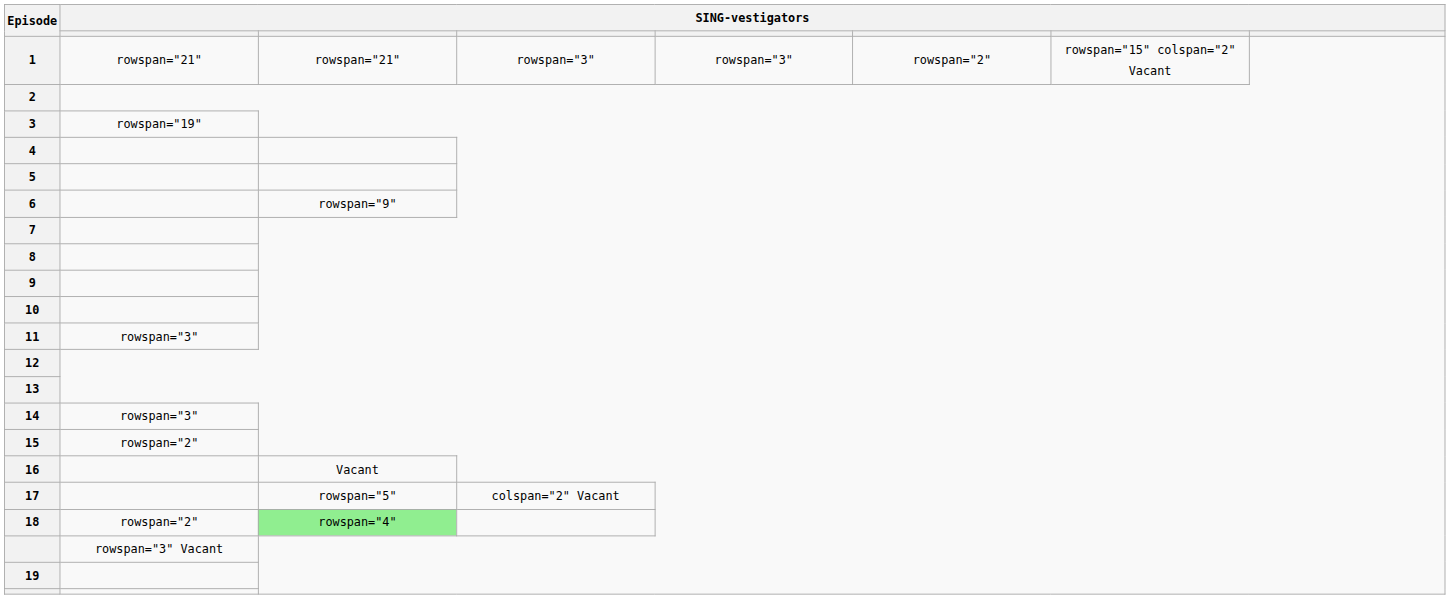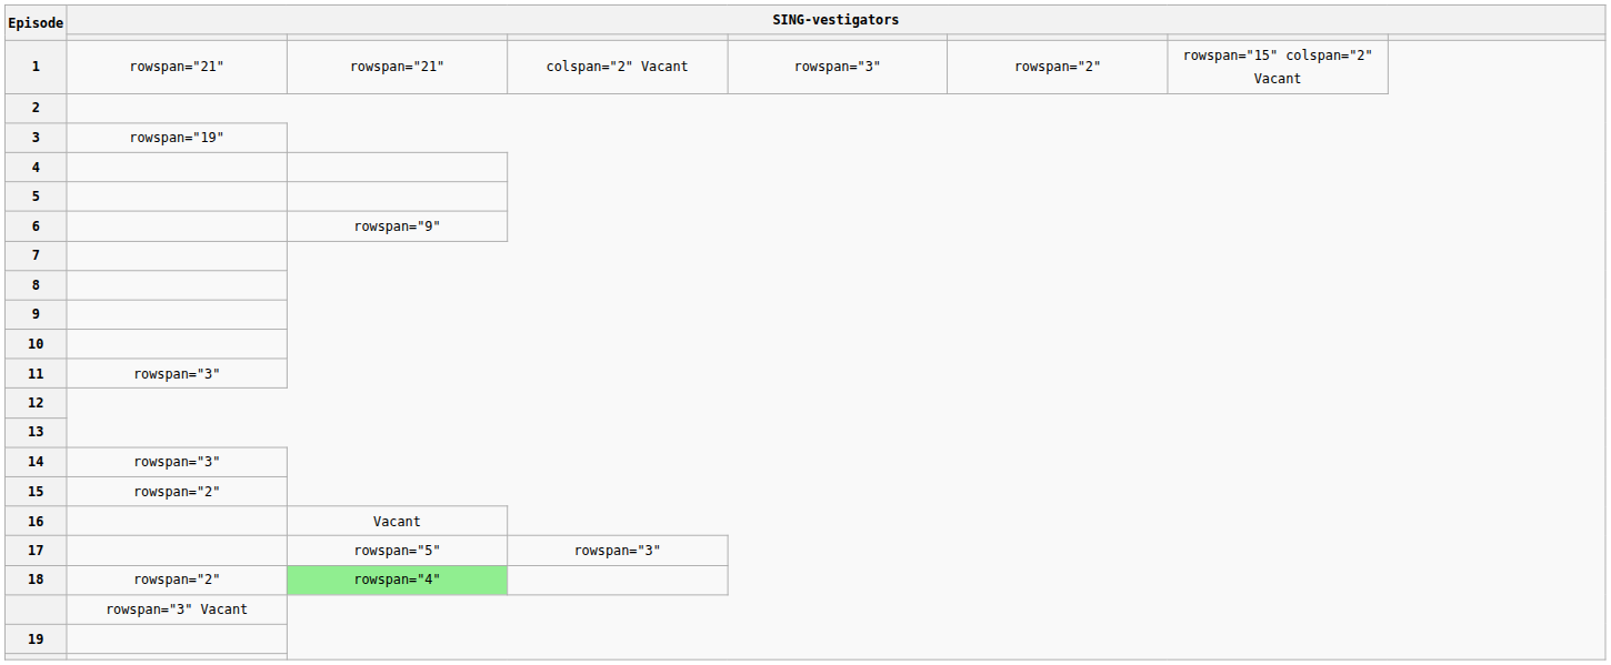 <table class="wikitable plainrowheaders mw-collapsible" style="text-align:center; line-height:23px; width:100%;">
 <tr>
 <th rowspan="2" width="1%">Episode</th>
 <th colspan="7">SING-vestigators</th>
 </tr>
 <tr>
 <th width="14%"></th>
 <th width="14%"></th>
 <th width="14%"></th>
 <th width="14%"></th>
 <th width="14%"></th>
 <th width="14%"></th>
 <th width="14%"></th>
 </tr>
 <tr>
 <th>1</th>
 <td>rowspan="21" </td>
 <td>rowspan="21" </td>
-<td>rowspan="3" </td>
+<td>colspan="2"  Vacant</td>
 <td>rowspan="3" </td>
 <td>rowspan="2" </td>
 <td>rowspan="15" colspan="2"  Vacant</td>
 </tr>
 <tr>
 <th>2</th>
 </tr>
 <tr>
 <th>3</th>
 <td>rowspan="19" </td>
 </tr>
 <tr>
 <th>4</th>
 <td></td>
 <td></td>
 </tr>
 <tr>
 <th>5</th>
 <td></td>
 <td></td>
 </tr>
 <tr>
 <th>6</th>
 <td></td>
 <td>rowspan="9" </td>
 </tr>
 <tr>
 <th>7</th>
 <td></td>
 </tr>
 <tr>
 <th>8</th>
 <td></td>
 </tr>
 <tr>
 <th>9</th>
 <td></td>
 </tr>
 <tr>
 <th>10</th>
 <td></td>
 </tr>
 <tr>
 <th>11</th>
 <td>rowspan="3" </td>
 </tr>
 <tr>
 <th>12</th>
 </tr>
 <tr>
 <th>13</th>
 </tr>
 <tr>
 <th>14</th>
 <td>rowspan="3" </td>
 </tr>
 <tr>
 <th>15</th>
 <td>rowspan="2" </td>
 </tr>
 <tr>
 <th>16</th>
 <td></td>
 <td> Vacant</td>
 </tr>
 <tr>
 <th>17</th>
 <td></td>
 <td>rowspan="5" </td>
-<td>colspan="2"  Vacant</td>
+<td>rowspan="3" </td>
 </tr>
 <tr>
 <th>18</th>
 <td>rowspan="2"</td>
 <td style="background: lightgreen;">rowspan="4"</td>
 <td></td>
 </tr>
 <tr>
 <th></th>
 <td>rowspan="3"  Vacant</td>
 </tr>
 <tr>
 <th>19</th>
 <td></td>
 </tr>
 <tr>
 <th></th>
 <td></td>
 </tr>
 </table>
